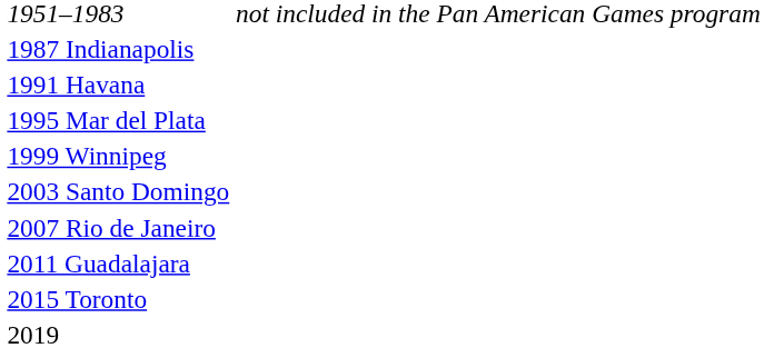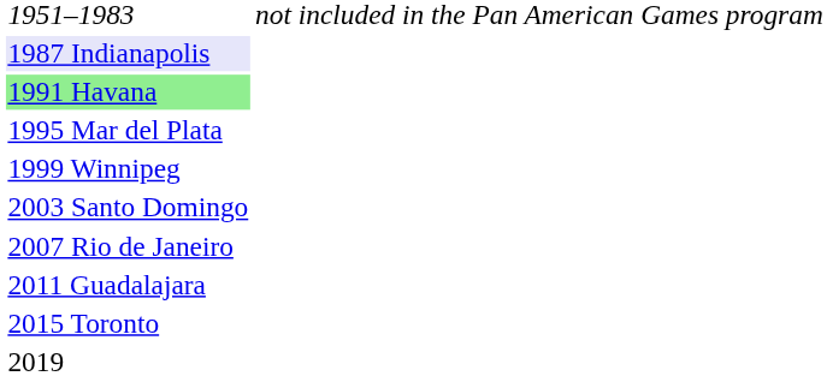 <table>
 <tr>
 <td><em>1951–1983</em></td>
 <td colspan="3" style="text-align:center;"><em>not included in the Pan American Games program</em></td>
 </tr>
 <tr>
-<td><a href='#'>1987 Indianapolis</a></td>
+<td style="background: lavender;"><a href='#'>1987 Indianapolis</a></td>
 <td></td>
 <td></td>
 <td></td>
 </tr>
 <tr>
-<td><a href='#'>1991 Havana</a></td>
+<td style="background: lightgreen;"><a href='#'>1991 Havana</a></td>
 <td></td>
 <td></td>
 <td></td>
 </tr>
 <tr>
 <td rowspan=2><a href='#'>1995 Mar del Plata</a></td>
 <td rowspan=2></td>
 <td rowspan=2></td>
 <td></td>
 </tr>
 <tr>
 <td></td>
 </tr>
 <tr>
 <td rowspan=2><a href='#'>1999 Winnipeg</a></td>
 <td rowspan=2></td>
 <td rowspan=2></td>
 <td></td>
 </tr>
 <tr>
 <td></td>
 </tr>
 <tr>
 <td rowspan=2><a href='#'>2003 Santo Domingo</a></td>
 <td rowspan=2></td>
 <td rowspan=2></td>
 <td></td>
 </tr>
 <tr>
 <td></td>
 </tr>
 <tr>
 <td rowspan=2><a href='#'>2007 Rio de Janeiro</a></td>
 <td rowspan=2></td>
 <td rowspan=2></td>
 <td></td>
 </tr>
 <tr>
 <td></td>
 </tr>
 <tr>
 <td rowspan=2><a href='#'>2011 Guadalajara</a><br></td>
 <td rowspan=2></td>
 <td rowspan=2></td>
 <td></td>
 </tr>
 <tr>
 <td></td>
 </tr>
 <tr>
 <td rowspan=2><a href='#'>2015 Toronto</a><br></td>
 <td rowspan=2></td>
 <td rowspan=2></td>
 <td></td>
 </tr>
 <tr>
 <td></td>
 </tr>
 <tr>
 <td rowspan=2>2019<br></td>
 <td rowspan=2></td>
 <td rowspan=2></td>
 <td></td>
 </tr>
 <tr>
 <td></td>
 </tr>
 <tr>
 </tr>
 </table>
